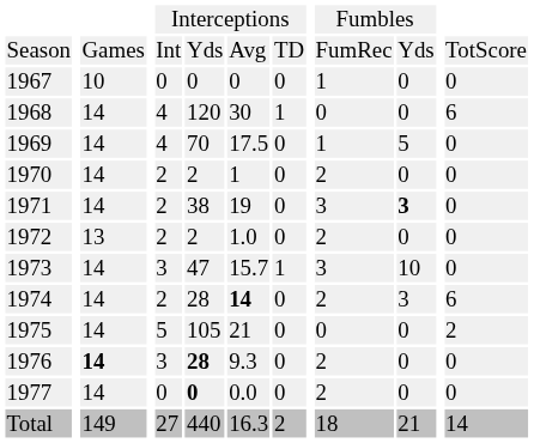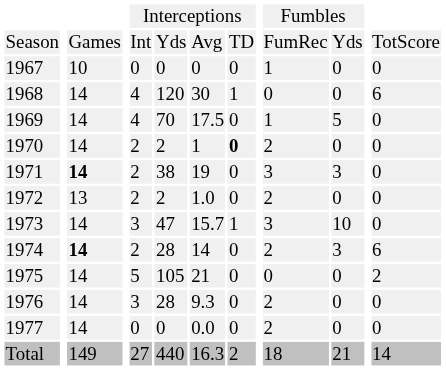 <table style="margin:0 auto;" class="toccolours">
 <tr>
 <td colspan=4 align=left></td>
 <td colspan=4 bgcolor=#F0F0F0 align=center>Interceptions</td>
 <td colspan=1 align=left></td>
 <td colspan=2 bgcolor=#F0F0F0 align=center>Fumbles</td>
 <td colspan=2 align=left></td>
 </tr>
 <tr>
 <td colspan=1 bgcolor=#F0F0F0 align=left>Season</td>
 <td colspan=1 align=left></td>
 <td colspan=1 bgcolor=#F0F0F0 align=left>Games</td>
 <td colspan=1 align=left></td>
 <td colspan=1 bgcolor=#F0F0F0 align=left>Int</td>
 <td colspan=1 bgcolor=#F0F0F0 align=left>Yds</td>
 <td colspan=1 bgcolor=#F0F0F0 align=left>Avg</td>
 <td colspan=1 bgcolor=#F0F0F0 align=left>TD</td>
 <td colspan=1 align=left></td>
 <td colspan=1 bgcolor=#F0F0F0 align=left>FumRec</td>
 <td colspan=1 bgcolor=#F0F0F0 align=left>Yds</td>
 <td colspan=1 align=left></td>
 <td colspan=1 bgcolor=#F0F0F0 align=left>TotScore</td>
 </tr>
 <tr>
 <td colspan=1 bgcolor=#F0F0F0 align=left>1967</td>
 <td colspan=1 align=left></td>
 <td colspan=1 bgcolor=#F0F0F0 align=left>10</td>
 <td colspan=1 align=left></td>
 <td colspan=1 bgcolor=#F0F0F0 align=left>0</td>
 <td colspan=1 bgcolor=#F0F0F0 align=left>0</td>
 <td colspan=1 bgcolor=#F0F0F0 align=left>0</td>
 <td colspan=1 bgcolor=#F0F0F0 align=left>0</td>
 <td colspan=1 align=left></td>
 <td colspan=1 bgcolor=#F0F0F0 align=left>1</td>
 <td colspan=1 bgcolor=#F0F0F0 align=left>0</td>
 <td colspan=1 align=left></td>
 <td colspan=1 bgcolor=#F0F0F0 align=left>0</td>
 </tr>
 <tr>
 <td colspan=1 bgcolor=#F0F0F0 align=left>1968</td>
 <td colspan=1 align=left></td>
 <td colspan=1 bgcolor=#F0F0F0 align=left>14</td>
 <td colspan=1 align=left></td>
 <td colspan=1 bgcolor=#F0F0F0 align=left>4</td>
 <td colspan=1 bgcolor=#F0F0F0 align=left>120</td>
 <td colspan=1 bgcolor=#F0F0F0 align=left>30</td>
 <td colspan=1 bgcolor=#F0F0F0 align=left>1</td>
 <td colspan=1 align=left></td>
 <td colspan=1 bgcolor=#F0F0F0 align=left>0</td>
 <td colspan=1 bgcolor=#F0F0F0 align=left>0</td>
 <td colspan=1 align=left></td>
 <td colspan=1 bgcolor=#F0F0F0 align=left>6</td>
 </tr>
 <tr>
 <td colspan=1 bgcolor=#F0F0F0 align=left>1969</td>
 <td colspan=1 align=left></td>
 <td colspan=1 bgcolor=#F0F0F0 align=left>14</td>
 <td colspan=1 align=left></td>
 <td colspan=1 bgcolor=#F0F0F0 align=left>4</td>
 <td colspan=1 bgcolor=#F0F0F0 align=left>70</td>
 <td colspan=1 bgcolor=#F0F0F0 align=left>17.5</td>
 <td colspan=1 bgcolor=#F0F0F0 align=left>0</td>
 <td colspan=1 align=left></td>
 <td colspan=1 bgcolor=#F0F0F0 align=left>1</td>
 <td colspan=1 bgcolor=#F0F0F0 align=left>5</td>
 <td colspan=1 align=left></td>
 <td colspan=1 bgcolor=#F0F0F0 align=left>0</td>
 </tr>
 <tr>
 <td colspan=1 bgcolor=#F0F0F0 align=left>1970</td>
 <td colspan=1 align=left></td>
 <td colspan=1 bgcolor=#F0F0F0 align=left>14</td>
 <td colspan=1 align=left></td>
 <td colspan=1 bgcolor=#F0F0F0 align=left>2</td>
 <td colspan=1 bgcolor=#F0F0F0 align=left>2</td>
 <td colspan=1 bgcolor=#F0F0F0 align=left>1</td>
-<td colspan=1 bgcolor=#F0F0F0 align=left>0</td>
+<td colspan=1 bgcolor=#F0F0F0 align=left><strong>0</strong></td>
 <td colspan=1 align=left></td>
 <td colspan=1 bgcolor=#F0F0F0 align=left>2</td>
 <td colspan=1 bgcolor=#F0F0F0 align=left>0</td>
 <td colspan=1 align=left></td>
 <td colspan=1 bgcolor=#F0F0F0 align=left>0</td>
 </tr>
 <tr>
 <td colspan=1 bgcolor=#F0F0F0 align=left>1971</td>
 <td colspan=1 align=left></td>
-<td colspan=1 bgcolor=#F0F0F0 align=left>14</td>
+<td colspan=1 bgcolor=#F0F0F0 align=left><strong>14</strong></td>
 <td colspan=1 align=left></td>
 <td colspan=1 bgcolor=#F0F0F0 align=left>2</td>
 <td colspan=1 bgcolor=#F0F0F0 align=left>38</td>
 <td colspan=1 bgcolor=#F0F0F0 align=left>19</td>
 <td colspan=1 bgcolor=#F0F0F0 align=left>0</td>
 <td colspan=1 align=left></td>
 <td colspan=1 bgcolor=#F0F0F0 align=left>3</td>
-<td colspan=1 bgcolor=#F0F0F0 align=left><strong>3</strong></td>
+<td colspan=1 bgcolor=#F0F0F0 align=left>3</td>
 <td colspan=1 align=left></td>
 <td colspan=1 bgcolor=#F0F0F0 align=left>0</td>
 </tr>
 <tr>
 <td colspan=1 bgcolor=#F0F0F0 align=left>1972</td>
 <td colspan=1 align=left></td>
 <td colspan=1 bgcolor=#F0F0F0 align=left>13</td>
 <td colspan=1 align=left></td>
 <td colspan=1 bgcolor=#F0F0F0 align=left>2</td>
 <td colspan=1 bgcolor=#F0F0F0 align=left>2</td>
 <td colspan=1 bgcolor=#F0F0F0 align=left>1.0</td>
 <td colspan=1 bgcolor=#F0F0F0 align=left>0</td>
 <td colspan=1 align=left></td>
 <td colspan=1 bgcolor=#F0F0F0 align=left>2</td>
 <td colspan=1 bgcolor=#F0F0F0 align=left>0</td>
 <td colspan=1 align=left></td>
 <td colspan=1 bgcolor=#F0F0F0 align=left>0</td>
 </tr>
 <tr>
 <td colspan=1 bgcolor=#F0F0F0 align=left>1973</td>
 <td colspan=1 align=left></td>
 <td colspan=1 bgcolor=#F0F0F0 align=left>14</td>
 <td colspan=1 align=left></td>
 <td colspan=1 bgcolor=#F0F0F0 align=left>3</td>
 <td colspan=1 bgcolor=#F0F0F0 align=left>47</td>
 <td colspan=1 bgcolor=#F0F0F0 align=left>15.7</td>
 <td colspan=1 bgcolor=#F0F0F0 align=left>1</td>
 <td colspan=1 align=left></td>
 <td colspan=1 bgcolor=#F0F0F0 align=left>3</td>
 <td colspan=1 bgcolor=#F0F0F0 align=left>10</td>
 <td colspan=1 align=left></td>
 <td colspan=1 bgcolor=#F0F0F0 align=left>0</td>
 </tr>
 <tr>
 <td colspan=1 bgcolor=#F0F0F0 align=left>1974</td>
 <td colspan=1 align=left></td>
-<td colspan=1 bgcolor=#F0F0F0 align=left>14</td>
+<td colspan=1 bgcolor=#F0F0F0 align=left><strong>14</strong></td>
 <td colspan=1 align=left></td>
 <td colspan=1 bgcolor=#F0F0F0 align=left>2</td>
 <td colspan=1 bgcolor=#F0F0F0 align=left>28</td>
-<td colspan=1 bgcolor=#F0F0F0 align=left><strong>14</strong></td>
+<td colspan=1 bgcolor=#F0F0F0 align=left>14</td>
 <td colspan=1 bgcolor=#F0F0F0 align=left>0</td>
 <td colspan=1 align=left></td>
 <td colspan=1 bgcolor=#F0F0F0 align=left>2</td>
 <td colspan=1 bgcolor=#F0F0F0 align=left>3</td>
 <td colspan=1 align=left></td>
 <td colspan=1 bgcolor=#F0F0F0 align=left>6</td>
 </tr>
 <tr>
 <td colspan=1 bgcolor=#F0F0F0 align=left>1975</td>
 <td colspan=1 align=left></td>
 <td colspan=1 bgcolor=#F0F0F0 align=left>14</td>
 <td colspan=1 align=left></td>
 <td colspan=1 bgcolor=#F0F0F0 align=left>5</td>
 <td colspan=1 bgcolor=#F0F0F0 align=left>105</td>
 <td colspan=1 bgcolor=#F0F0F0 align=left>21</td>
 <td colspan=1 bgcolor=#F0F0F0 align=left>0</td>
 <td colspan=1 align=left></td>
 <td colspan=1 bgcolor=#F0F0F0 align=left>0</td>
 <td colspan=1 bgcolor=#F0F0F0 align=left>0</td>
 <td colspan=1 align=left></td>
 <td colspan=1 bgcolor=#F0F0F0 align=left>2</td>
 </tr>
 <tr>
 <td colspan=1 bgcolor=#F0F0F0 align=left>1976</td>
 <td colspan=1 align=left></td>
-<td colspan=1 bgcolor=#F0F0F0 align=left><strong>14</strong></td>
+<td colspan=1 bgcolor=#F0F0F0 align=left>14</td>
 <td colspan=1 align=left></td>
 <td colspan=1 bgcolor=#F0F0F0 align=left>3</td>
-<td colspan=1 bgcolor=#F0F0F0 align=left><strong>28</strong></td>
+<td colspan=1 bgcolor=#F0F0F0 align=left>28</td>
 <td colspan=1 bgcolor=#F0F0F0 align=left>9.3</td>
 <td colspan=1 bgcolor=#F0F0F0 align=left>0</td>
 <td colspan=1 align=left></td>
 <td colspan=1 bgcolor=#F0F0F0 align=left>2</td>
 <td colspan=1 bgcolor=#F0F0F0 align=left>0</td>
 <td colspan=1 align=left></td>
 <td colspan=1 bgcolor=#F0F0F0 align=left>0</td>
 </tr>
 <tr>
 <td colspan=1 bgcolor=#F0F0F0 align=left>1977</td>
 <td colspan=1 align=left></td>
 <td colspan=1 bgcolor=#F0F0F0 align=left>14</td>
 <td colspan=1 align=left></td>
 <td colspan=1 bgcolor=#F0F0F0 align=left>0</td>
-<td colspan=1 bgcolor=#F0F0F0 align=left><strong>0</strong></td>
+<td colspan=1 bgcolor=#F0F0F0 align=left>0</td>
 <td colspan=1 bgcolor=#F0F0F0 align=left>0.0</td>
 <td colspan=1 bgcolor=#F0F0F0 align=left>0</td>
 <td colspan=1 align=left></td>
 <td colspan=1 bgcolor=#F0F0F0 align=left>2</td>
 <td colspan=1 bgcolor=#F0F0F0 align=left>0</td>
 <td colspan=1 align=left></td>
 <td colspan=1 bgcolor=#F0F0F0 align=left>0</td>
 </tr>
 <tr>
 <td colspan=1 bgcolor=#C0C0C0 align=left>Total</td>
 <td colspan=1 align=left></td>
 <td colspan=1 bgcolor=#C0C0C0 align=left>149</td>
 <td colspan=1 align=left></td>
 <td colspan=1 bgcolor=#C0C0C0 align=left>27</td>
 <td colspan=1 bgcolor=#C0C0C0 align=left>440</td>
 <td colspan=1 bgcolor=#C0C0C0 align=left>16.3</td>
 <td colspan=1 bgcolor=#C0C0C0 align=left>2</td>
 <td colspan=1 align=left></td>
 <td colspan=1 bgcolor=#C0C0C0 align=left>18</td>
 <td colspan=1 bgcolor=#C0C0C0 align=left>21</td>
 <td colspan=1 align=left></td>
 <td colspan=1 bgcolor=#C0C0C0 align=left>14</td>
 </tr>
 </table>
